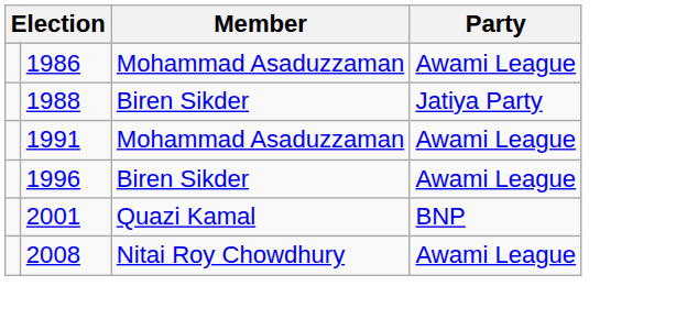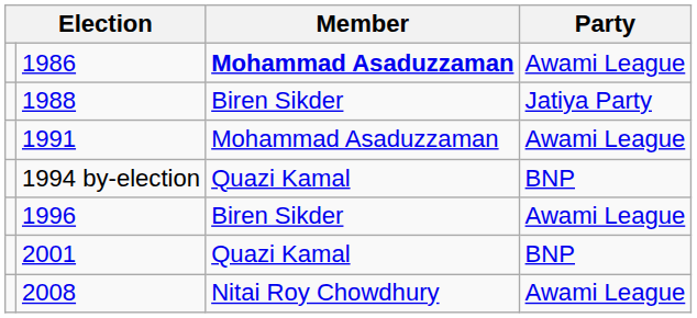 <table class="wikitable">
 <tr>
 <th colspan="2">Election</th>
 <th>Member</th>
 <th>Party</th>
 </tr>
 <tr>
 <td style="background-color:"></td>
 <td><a href='#'>1986</a></td>
-<td><a href='#'>Mohammad Asaduzzaman</a></td>
+<td><strong><a href='#'>Mohammad Asaduzzaman</a></strong></td>
 <td><a href='#'>Awami League</a></td>
 </tr>
 <tr>
 <td style="background-color:"></td>
 <td><a href='#'>1988</a></td>
 <td><a href='#'>Biren Sikder</a></td>
 <td><a href='#'>Jatiya Party</a></td>
 </tr>
 <tr>
 <td style="background-color:"></td>
 <td><a href='#'>1991</a></td>
 <td><a href='#'>Mohammad Asaduzzaman</a></td>
 <td><a href='#'>Awami League</a></td>
+</tr>
+<tr>
+<td style="background-color:"></td>
+<td>1994 by-election</td>
+<td><a href='#'>Quazi Kamal</a></td>
+<td><a href='#'>BNP</a></td>
 </tr>
 <tr>
 <td style="background-color:"></td>
 <td><a href='#'>1996</a></td>
 <td><a href='#'>Biren Sikder</a></td>
 <td><a href='#'>Awami League</a></td>
 </tr>
 <tr>
 <td style="background-color:"></td>
 <td><a href='#'>2001</a></td>
 <td><a href='#'>Quazi Kamal</a></td>
 <td><a href='#'>BNP</a></td>
 </tr>
 <tr>
 <td style="background-color:"></td>
 <td><a href='#'>2008</a></td>
 <td><a href='#'>Nitai Roy Chowdhury</a></td>
 <td><a href='#'>Awami League</a></td>
 </tr>
 </table>
